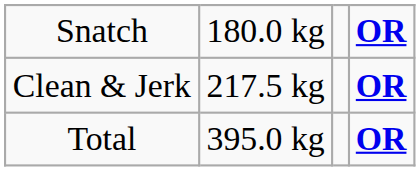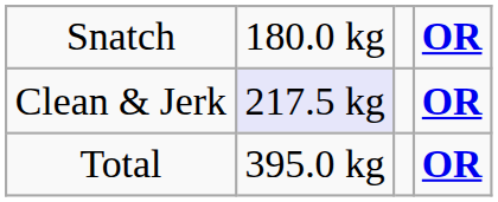 <table class = "wikitable" style="text-align:center;">
 <tr>
 <td>Snatch</td>
 <td>180.0 kg</td>
 <td align=left></td>
 <td><strong><a href='#'>OR</a></strong></td>
 </tr>
 <tr>
 <td>Clean & Jerk</td>
-<td>217.5 kg</td>
+<td style="background: lavender;">217.5 kg</td>
 <td align=left></td>
 <td><strong><a href='#'>OR</a></strong></td>
 </tr>
 <tr>
 <td>Total</td>
 <td>395.0 kg</td>
 <td align=left></td>
 <td><strong><a href='#'>OR</a></strong></td>
 </tr>
 </table>
